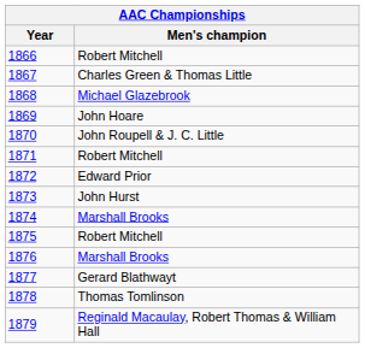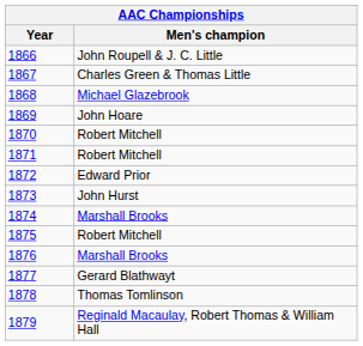 <table class="wikitable">
 <tr>
 <th colspan="2"><a href='#'>AAC Championships</a><br></th>
 </tr>
 <tr>
 <th width=80>Year</th>
 <th width=350>Men's champion</th>
 </tr>
 <tr>
 <td><a href='#'>1866</a></td>
-<td>Robert Mitchell</td>
+<td>John Roupell & J. C. Little</td>
 </tr>
 <tr>
 <td><a href='#'>1867</a></td>
 <td>Charles Green & Thomas Little</td>
 </tr>
 <tr>
 <td><a href='#'>1868</a></td>
 <td><a href='#'>Michael Glazebrook</a></td>
 </tr>
 <tr>
 <td><a href='#'>1869</a></td>
 <td>John Hoare</td>
 </tr>
 <tr>
 <td><a href='#'>1870</a></td>
-<td>John Roupell & J. C. Little</td>
+<td>Robert Mitchell</td>
 </tr>
 <tr>
 <td><a href='#'>1871</a></td>
 <td>Robert Mitchell</td>
 </tr>
 <tr>
 <td><a href='#'>1872</a></td>
 <td>Edward Prior</td>
 </tr>
 <tr>
 <td><a href='#'>1873</a></td>
 <td>John Hurst</td>
 </tr>
 <tr>
 <td><a href='#'>1874</a></td>
 <td><a href='#'>Marshall Brooks</a></td>
 </tr>
 <tr>
 <td><a href='#'>1875</a></td>
 <td>Robert Mitchell</td>
 </tr>
 <tr>
 <td><a href='#'>1876</a></td>
 <td><a href='#'>Marshall Brooks</a></td>
 </tr>
 <tr>
 <td><a href='#'>1877</a></td>
 <td>Gerard Blathwayt</td>
 </tr>
 <tr>
 <td><a href='#'>1878</a></td>
 <td>Thomas Tomlinson</td>
 </tr>
 <tr>
 <td><a href='#'>1879</a></td>
 <td><a href='#'>Reginald Macaulay</a>, Robert Thomas & William Hall</td>
 </tr>
 </table>
